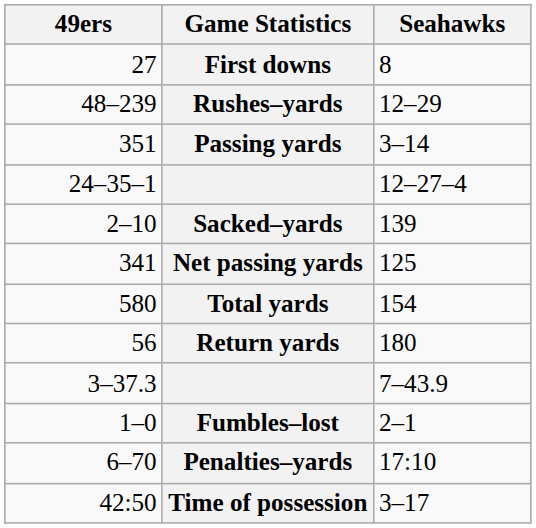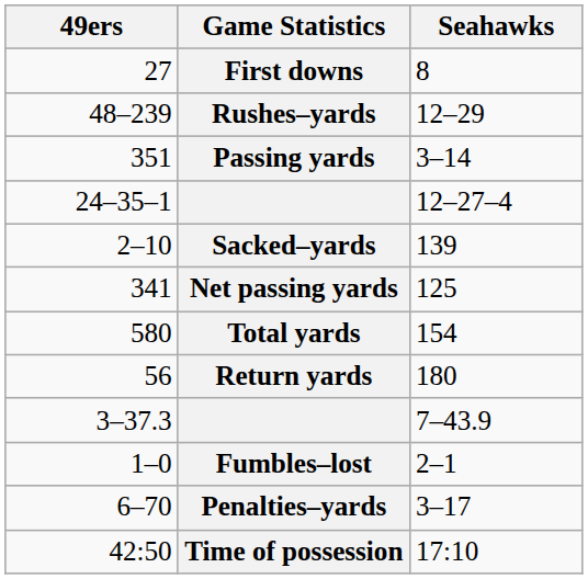 <table class="wikitable" style="margin: 1em auto 1em auto">
 <tr>
 <th style="width:30%;">49ers</th>
 <th style="width:40%;">Game Statistics</th>
 <th style="width:30%;">Seahawks</th>
 </tr>
 <tr>
 <td style="text-align:right;">27</td>
 <th>First downs</th>
 <td>8</td>
 </tr>
 <tr>
 <td style="text-align:right;">48–239</td>
 <th>Rushes–yards</th>
 <td>12–29</td>
 </tr>
 <tr>
 <td style="text-align:right;">351</td>
 <th>Passing yards</th>
 <td>3–14</td>
 </tr>
 <tr>
 <td style="text-align:right;">24–35–1</td>
 <th></th>
 <td>12–27–4</td>
 </tr>
 <tr>
 <td style="text-align:right;">2–10</td>
 <th>Sacked–yards</th>
 <td>139</td>
 </tr>
 <tr>
 <td style="text-align:right;">341</td>
 <th>Net passing yards</th>
 <td>125</td>
 </tr>
 <tr>
 <td style="text-align:right;">580</td>
 <th>Total yards</th>
 <td>154</td>
 </tr>
 <tr>
 <td style="text-align:right;">56</td>
 <th>Return yards</th>
 <td>180</td>
 </tr>
 <tr>
 <td style="text-align:right;">3–37.3</td>
 <th></th>
 <td>7–43.9</td>
 </tr>
 <tr>
 <td style="text-align:right;">1–0</td>
 <th>Fumbles–lost</th>
 <td>2–1</td>
 </tr>
 <tr>
 <td style="text-align:right;">6–70</td>
 <th>Penalties–yards</th>
-<td>17:10</td>
+<td>3–17</td>
 </tr>
 <tr>
 <td style="text-align:right;">42:50</td>
 <th>Time of possession</th>
-<td>3–17</td>
+<td>17:10</td>
 </tr>
 </table>
